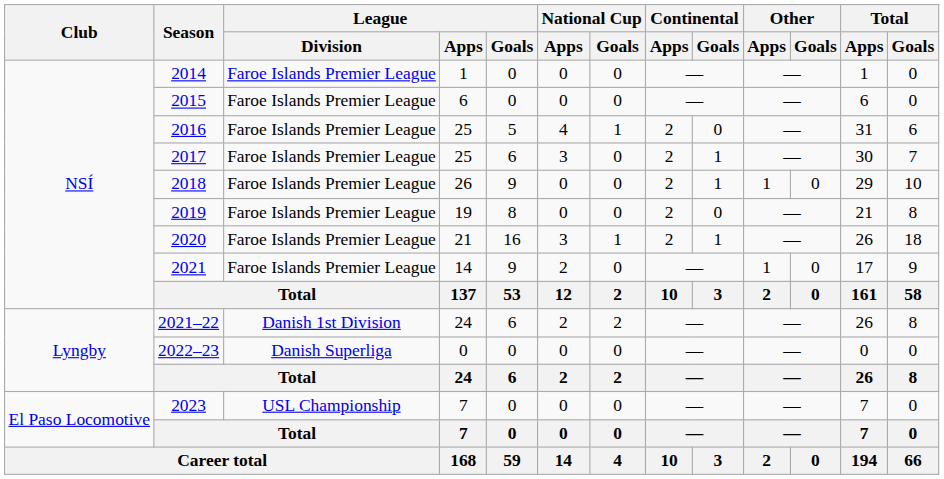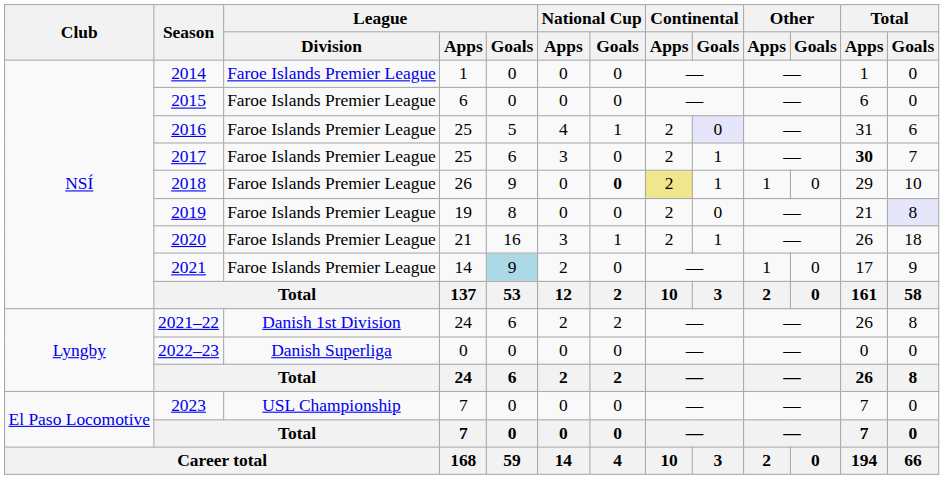 <table class="wikitable" style="text-align:center">
 <tr>
 <th rowspan="2">Club</th>
 <th rowspan="2">Season</th>
 <th colspan="3">League</th>
 <th colspan="2">National Cup</th>
 <th colspan="2">Continental</th>
 <th colspan="2">Other</th>
 <th colspan="2">Total</th>
 </tr>
 <tr>
 <th>Division</th>
 <th>Apps</th>
 <th>Goals</th>
 <th>Apps</th>
 <th>Goals</th>
 <th>Apps</th>
 <th>Goals</th>
 <th>Apps</th>
 <th>Goals</th>
 <th>Apps</th>
 <th>Goals</th>
 </tr>
 <tr>
 <td rowspan="9"><a href='#'>NSÍ</a></td>
 <td><a href='#'>2014</a></td>
 <td><a href='#'>Faroe Islands Premier League</a></td>
 <td>1</td>
 <td>0</td>
 <td>0</td>
 <td>0</td>
 <td colspan="2">—</td>
 <td colspan="2">—</td>
 <td>1</td>
 <td>0</td>
 </tr>
 <tr>
 <td><a href='#'>2015</a></td>
 <td>Faroe Islands Premier League</td>
 <td>6</td>
 <td>0</td>
 <td>0</td>
 <td>0</td>
 <td colspan="2">—</td>
 <td colspan="2">—</td>
 <td>6</td>
 <td>0</td>
 </tr>
 <tr>
 <td><a href='#'>2016</a></td>
 <td>Faroe Islands Premier League</td>
 <td>25</td>
 <td>5</td>
 <td>4</td>
 <td>1</td>
 <td>2</td>
-<td>0</td>
+<td style="background: lavender;">0</td>
 <td colspan="2">—</td>
 <td>31</td>
 <td>6</td>
 </tr>
 <tr>
 <td><a href='#'>2017</a></td>
 <td>Faroe Islands Premier League</td>
 <td>25</td>
 <td>6</td>
 <td>3</td>
 <td>0</td>
 <td>2</td>
 <td>1</td>
 <td colspan="2">—</td>
-<td>30</td>
+<td><strong>30</strong></td>
 <td>7</td>
 </tr>
 <tr>
 <td><a href='#'>2018</a></td>
 <td>Faroe Islands Premier League</td>
 <td>26</td>
 <td>9</td>
 <td>0</td>
-<td>0</td>
-<td>2</td>
+<td><strong>0</strong></td>
+<td style="background: khaki;">2</td>
 <td>1</td>
 <td>1</td>
 <td>0</td>
 <td>29</td>
 <td>10</td>
 </tr>
 <tr>
 <td><a href='#'>2019</a></td>
 <td>Faroe Islands Premier League</td>
 <td>19</td>
 <td>8</td>
 <td>0</td>
 <td>0</td>
 <td>2</td>
 <td>0</td>
 <td colspan="2">—</td>
 <td>21</td>
-<td>8</td>
+<td style="background: lavender;">8</td>
 </tr>
 <tr>
 <td><a href='#'>2020</a></td>
 <td>Faroe Islands Premier League</td>
 <td>21</td>
 <td>16</td>
 <td>3</td>
 <td>1</td>
 <td>2</td>
 <td>1</td>
 <td colspan="2">—</td>
 <td>26</td>
 <td>18</td>
 </tr>
 <tr>
 <td><a href='#'>2021</a></td>
 <td>Faroe Islands Premier League</td>
 <td>14</td>
-<td>9</td>
+<td style="background: lightblue;">9</td>
 <td>2</td>
 <td>0</td>
 <td colspan="2">—</td>
 <td>1</td>
 <td>0</td>
 <td>17</td>
 <td>9</td>
 </tr>
 <tr>
 <th colspan="2">Total</th>
 <th>137</th>
 <th>53</th>
 <th>12</th>
 <th>2</th>
 <th>10</th>
 <th>3</th>
 <th>2</th>
 <th>0</th>
 <th>161</th>
 <th>58</th>
 </tr>
 <tr>
 <td rowspan="3"><a href='#'>Lyngby</a></td>
 <td><a href='#'>2021–22</a></td>
 <td><a href='#'>Danish 1st Division</a></td>
 <td>24</td>
 <td>6</td>
 <td>2</td>
 <td>2</td>
 <td colspan="2">—</td>
 <td colspan="2">—</td>
 <td>26</td>
 <td>8</td>
 </tr>
 <tr>
 <td><a href='#'>2022–23</a></td>
 <td><a href='#'>Danish Superliga</a></td>
 <td>0</td>
 <td>0</td>
 <td>0</td>
 <td>0</td>
 <td colspan="2">—</td>
 <td colspan="2">—</td>
 <td>0</td>
 <td>0</td>
 </tr>
 <tr>
 <th colspan="2">Total</th>
 <th>24</th>
 <th>6</th>
 <th>2</th>
 <th>2</th>
 <th colspan="2">—</th>
 <th colspan="2">—</th>
 <th>26</th>
 <th>8</th>
 </tr>
 <tr>
 <td rowspan="2"><a href='#'>El Paso Locomotive</a></td>
 <td><a href='#'>2023</a></td>
 <td><a href='#'>USL Championship</a></td>
 <td>7</td>
 <td>0</td>
 <td>0</td>
 <td>0</td>
 <td colspan="2">—</td>
 <td colspan="2">—</td>
 <td>7</td>
 <td>0</td>
 </tr>
 <tr>
 <th colspan="2">Total</th>
 <th>7</th>
 <th>0</th>
 <th>0</th>
 <th>0</th>
 <th colspan="2">—</th>
 <th colspan="2">—</th>
 <th>7</th>
 <th>0</th>
 </tr>
 <tr>
 <th colspan="3">Career total</th>
 <th>168</th>
 <th>59</th>
 <th>14</th>
 <th>4</th>
 <th>10</th>
 <th>3</th>
 <th>2</th>
 <th>0</th>
 <th>194</th>
 <th>66</th>
 </tr>
 </table>
